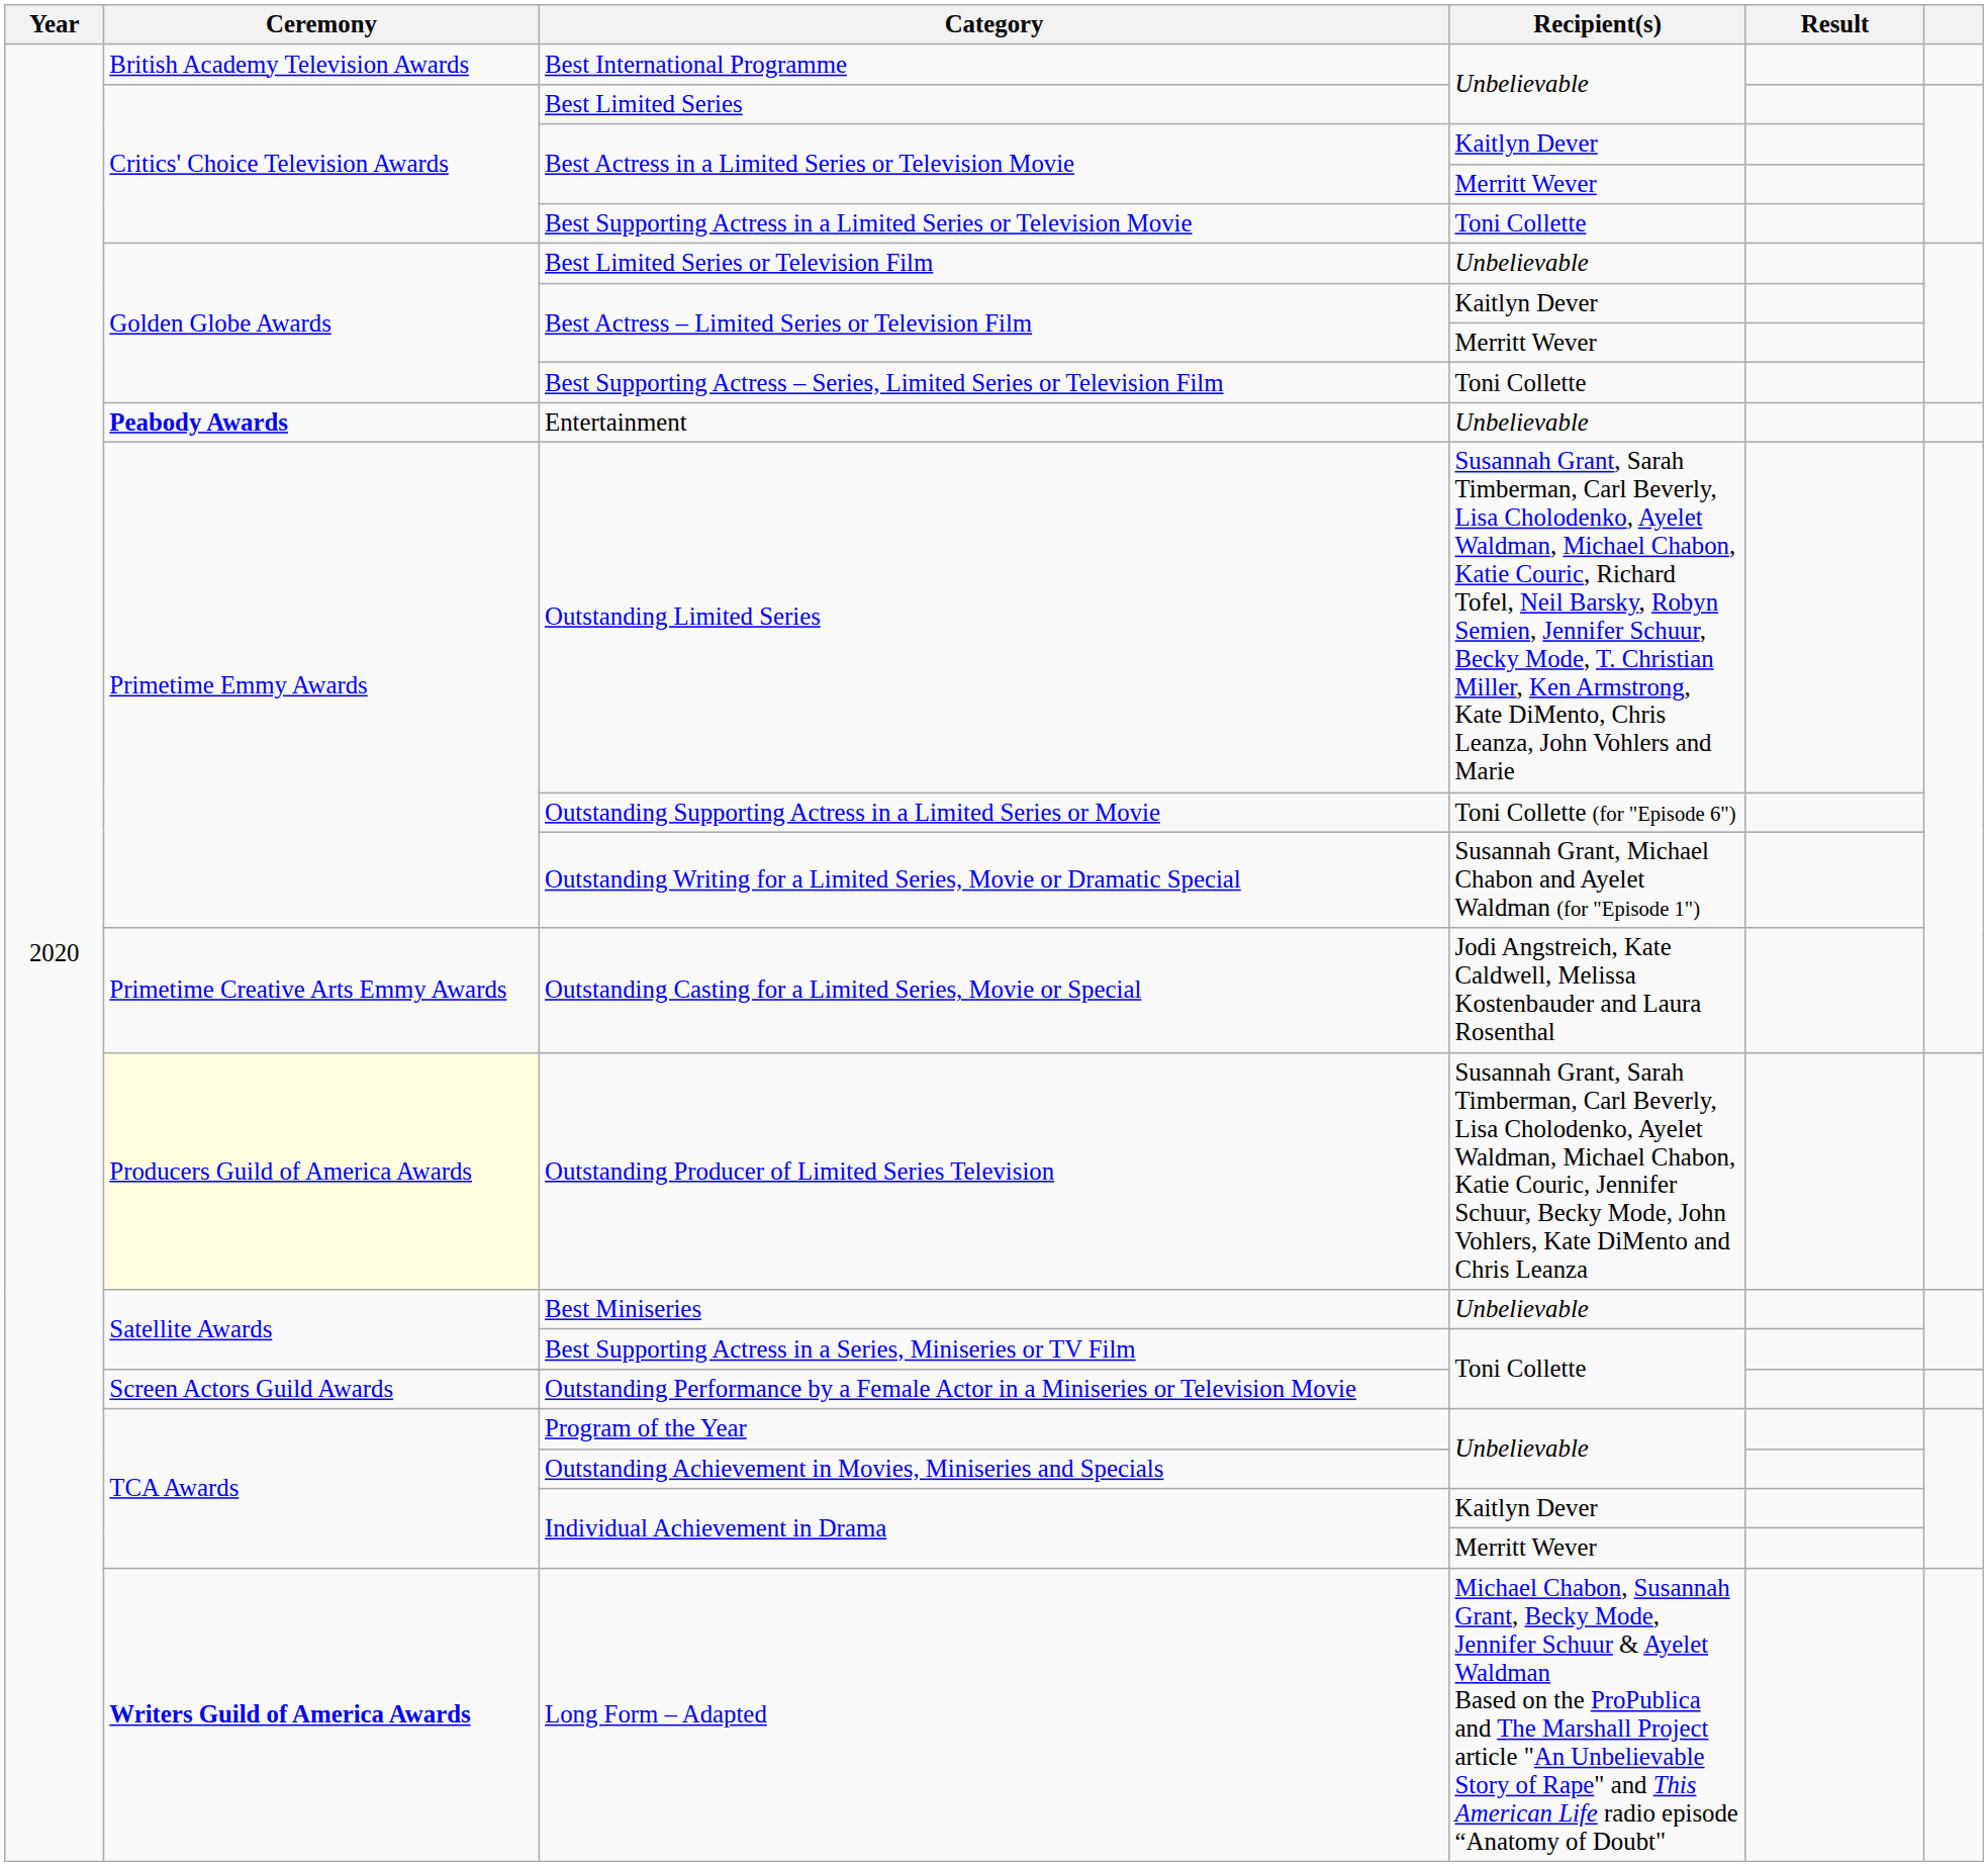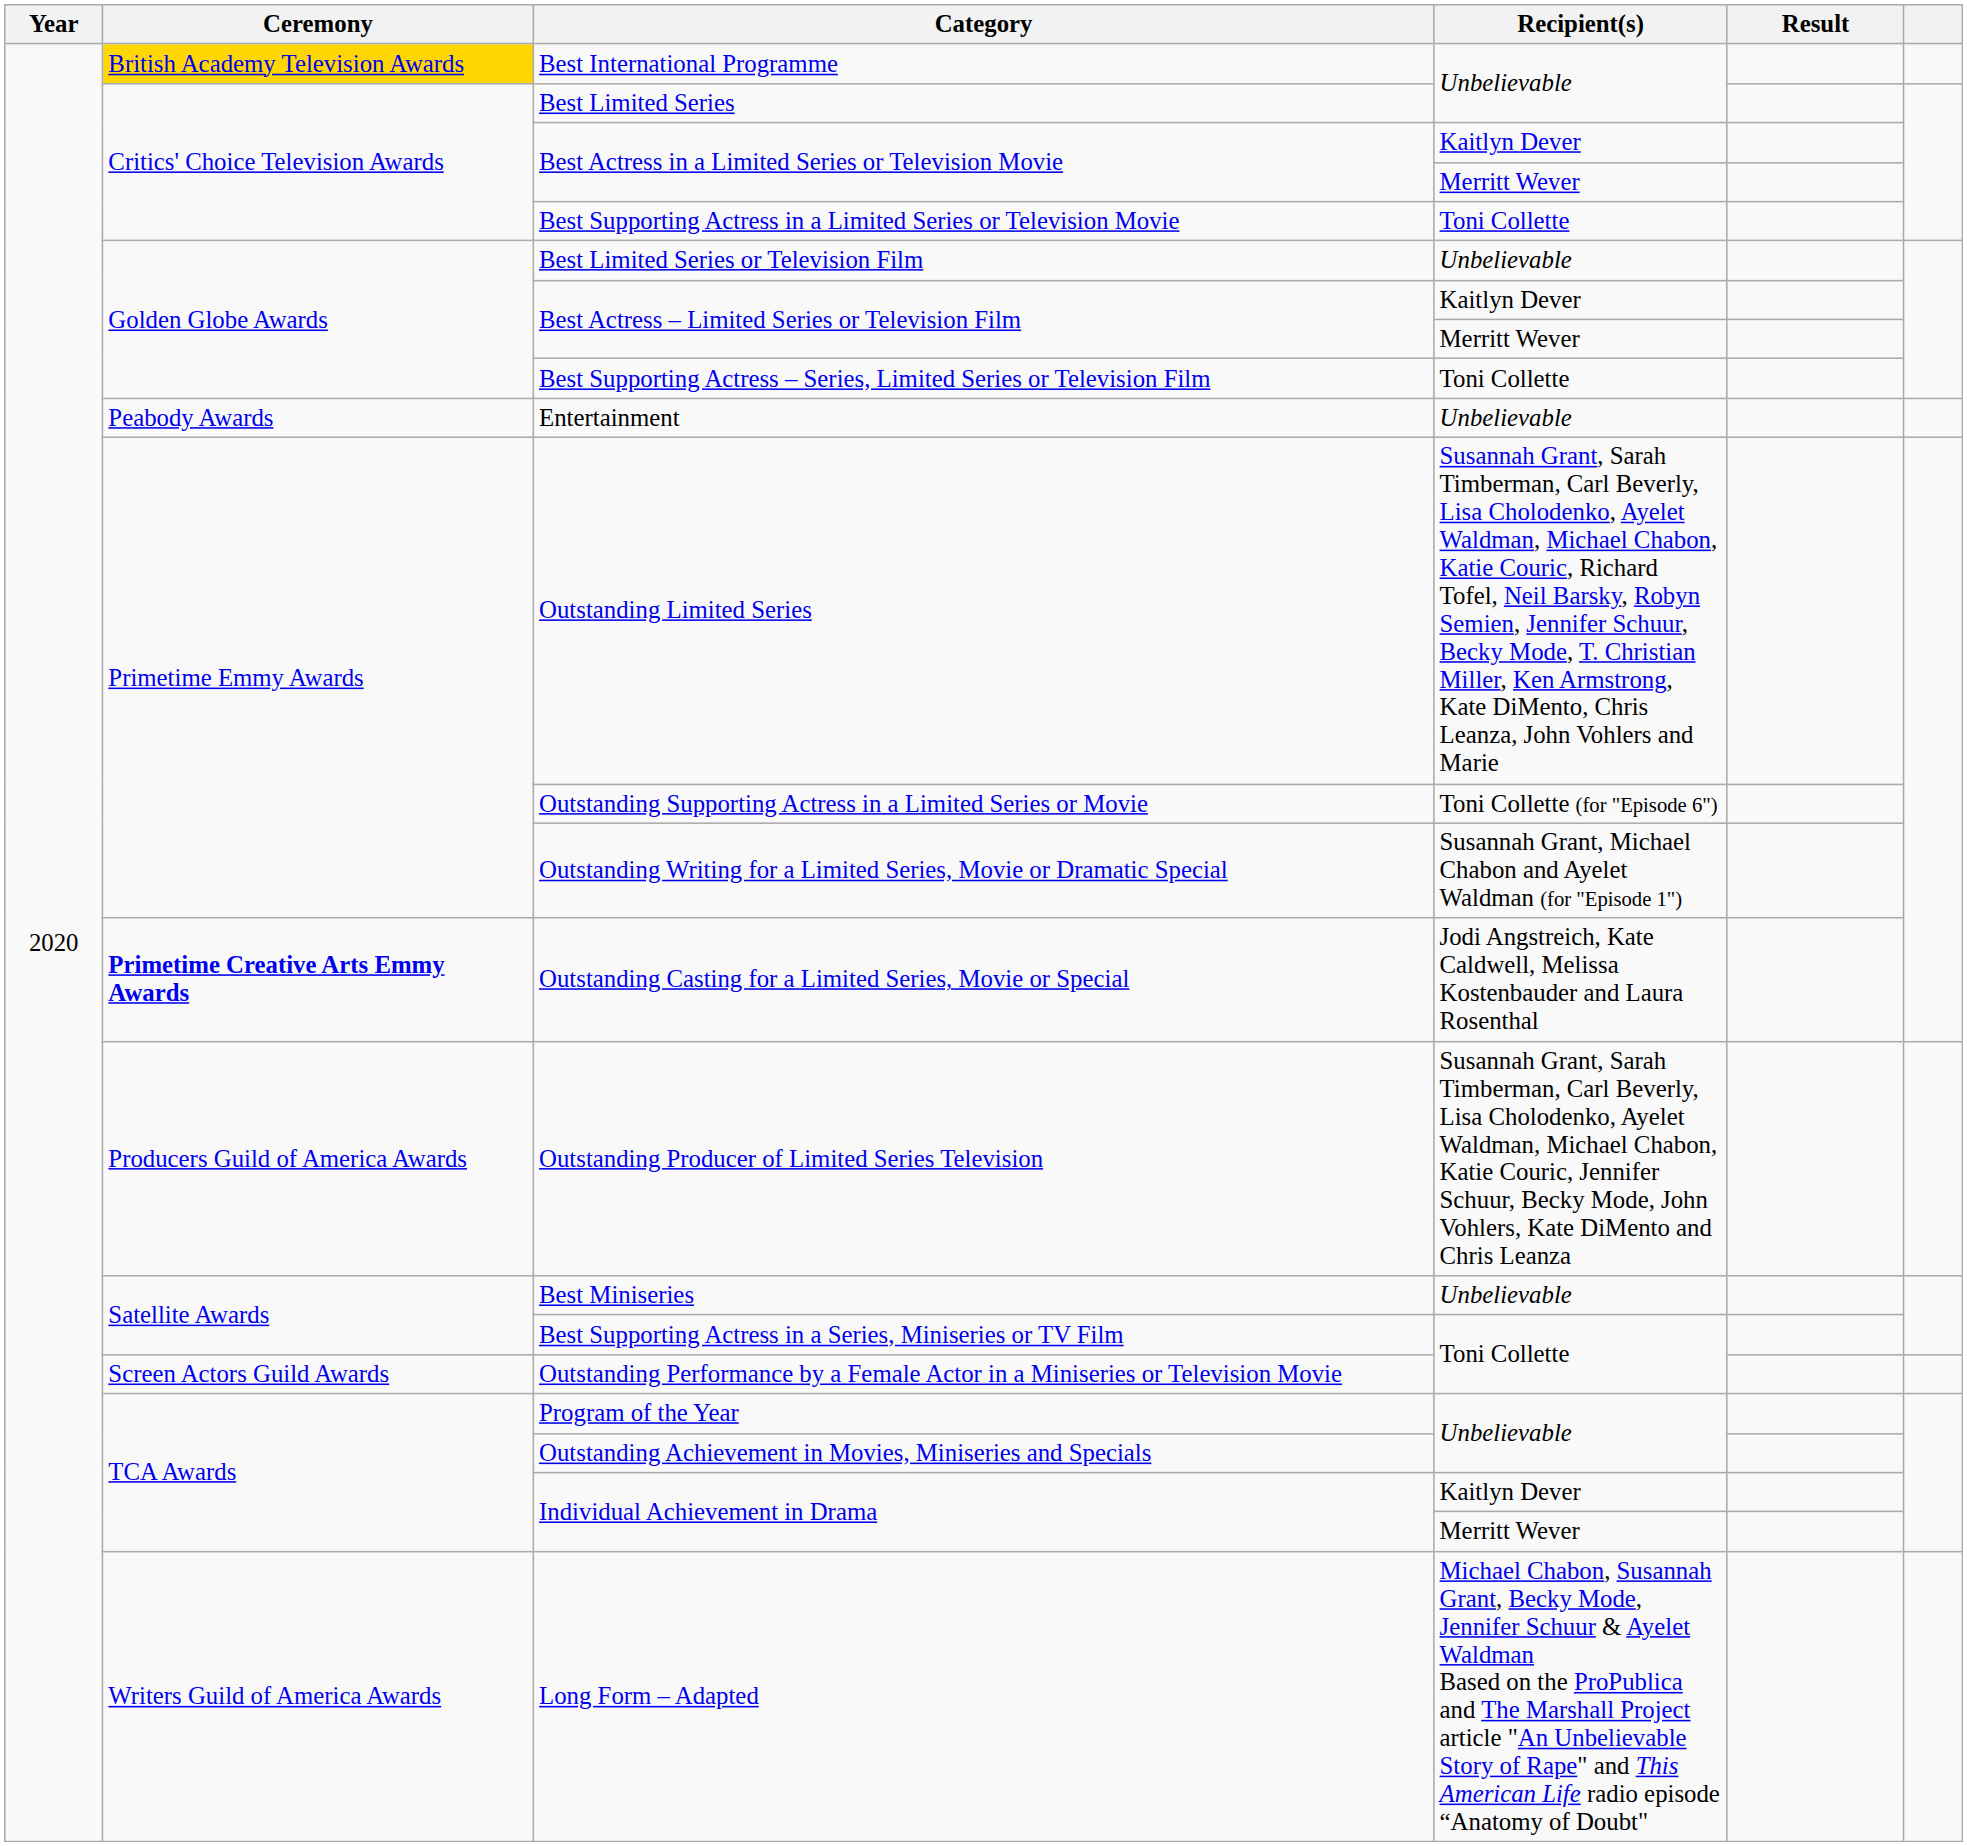 <table class="wikitable sortable plainrowheaders" style="width:100%;">
 <tr>
 <th scope="col" style="width:5%;">Year</th>
 <th scope="col" style="width:22%;">Ceremony</th>
 <th scope="col" style="width:46%;">Category</th>
 <th scope="col" style="width:15%;">Recipient(s)</th>
 <th scope="col" style="width:9%;">Result</th>
 <th scope="col" style="width:3%;" class="unsortable"></th>
 </tr>
 <tr>
 <td rowspan="23" align="center">2020</td>
-<td><a href='#'>British Academy Television Awards</a></td>
+<td style="background: gold;"><a href='#'>British Academy Television Awards</a></td>
 <td><a href='#'>Best International Programme</a></td>
 <td rowspan="2"><em>Unbelievable</em></td>
 <td></td>
 <td align="center"></td>
 </tr>
 <tr>
 <td rowspan="4"><a href='#'>Critics' Choice Television Awards</a></td>
 <td><a href='#'>Best Limited Series</a></td>
 <td></td>
 <td align="center" rowspan="4"></td>
 </tr>
 <tr>
 <td rowspan="2"><a href='#'>Best Actress in a Limited Series or Television Movie</a></td>
 <td><a href='#'>Kaitlyn Dever</a></td>
 <td></td>
 </tr>
 <tr>
 <td><a href='#'>Merritt Wever</a></td>
 <td></td>
 </tr>
 <tr>
 <td><a href='#'>Best Supporting Actress in a Limited Series or Television Movie</a></td>
 <td><a href='#'>Toni Collette</a></td>
 <td></td>
 </tr>
 <tr>
 <td rowspan="4"><a href='#'>Golden Globe Awards</a></td>
 <td><a href='#'>Best Limited Series or Television Film</a></td>
 <td><em>Unbelievable</em></td>
 <td></td>
 <td align="center" rowspan="4"></td>
 </tr>
 <tr>
 <td rowspan="2"><a href='#'>Best Actress – Limited Series or Television Film</a></td>
 <td>Kaitlyn Dever</td>
 <td></td>
 </tr>
 <tr>
 <td>Merritt Wever</td>
 <td></td>
 </tr>
 <tr>
 <td><a href='#'>Best Supporting Actress – Series, Limited Series or Television Film</a></td>
 <td>Toni Collette</td>
 <td></td>
 </tr>
 <tr>
-<td><strong><a href='#'>Peabody Awards</a></strong></td>
+<td><a href='#'>Peabody Awards</a></td>
 <td>Entertainment</td>
 <td><em>Unbelievable</em></td>
 <td></td>
 <td align="center"></td>
 </tr>
 <tr>
 <td rowspan="3"><a href='#'>Primetime Emmy Awards</a></td>
 <td><a href='#'>Outstanding Limited Series</a></td>
 <td><a href='#'>Susannah Grant</a>, Sarah Timberman, Carl Beverly, <a href='#'>Lisa Cholodenko</a>, <a href='#'>Ayelet Waldman</a>, <a href='#'>Michael Chabon</a>, <a href='#'>Katie Couric</a>, Richard Tofel, <a href='#'>Neil Barsky</a>, <a href='#'>Robyn Semien</a>, <a href='#'>Jennifer Schuur</a>, <a href='#'>Becky Mode</a>, <a href='#'>T. Christian Miller</a>, <a href='#'>Ken Armstrong</a>, Kate DiMento, Chris Leanza, John Vohlers and Marie</td>
 <td></td>
 <td align="center" rowspan="4"></td>
 </tr>
 <tr>
 <td><a href='#'>Outstanding Supporting Actress in a Limited Series or Movie</a></td>
 <td>Toni Collette <small>(for "Episode 6")</small></td>
 <td></td>
 </tr>
 <tr>
 <td><a href='#'>Outstanding Writing for a Limited Series, Movie or Dramatic Special</a></td>
 <td>Susannah Grant, Michael Chabon and Ayelet Waldman <small>(for "Episode 1")</small></td>
 <td></td>
 </tr>
 <tr>
-<td><a href='#'>Primetime Creative Arts Emmy Awards</a></td>
+<td><strong><a href='#'>Primetime Creative Arts Emmy Awards</a></strong></td>
 <td><a href='#'>Outstanding Casting for a Limited Series, Movie or Special</a></td>
 <td>Jodi Angstreich, Kate Caldwell, Melissa Kostenbauder and Laura Rosenthal</td>
 <td></td>
 </tr>
 <tr>
-<td style="background: lightyellow;"><a href='#'>Producers Guild of America Awards</a></td>
+<td><a href='#'>Producers Guild of America Awards</a></td>
 <td><a href='#'>Outstanding Producer of Limited Series Television</a></td>
 <td>Susannah Grant, Sarah Timberman, Carl Beverly, Lisa Cholodenko, Ayelet Waldman, Michael Chabon, Katie Couric, Jennifer Schuur, Becky Mode, John Vohlers, Kate DiMento and Chris Leanza</td>
 <td></td>
 <td align="center"></td>
 </tr>
 <tr>
 <td rowspan="2"><a href='#'>Satellite Awards</a></td>
 <td><a href='#'>Best Miniseries</a></td>
 <td><em>Unbelievable</em></td>
 <td></td>
 <td align="center" rowspan="2"></td>
 </tr>
 <tr>
 <td><a href='#'>Best Supporting Actress in a Series, Miniseries or TV Film</a></td>
 <td rowspan="2">Toni Collette</td>
 <td></td>
 </tr>
 <tr>
 <td><a href='#'>Screen Actors Guild Awards</a></td>
 <td><a href='#'>Outstanding Performance by a Female Actor in a Miniseries or Television Movie</a></td>
 <td></td>
 <td align="center"></td>
 </tr>
 <tr>
 <td rowspan="4"><a href='#'>TCA Awards</a></td>
 <td><a href='#'>Program of the Year</a></td>
 <td rowspan="2"><em>Unbelievable</em></td>
 <td></td>
 <td align="center" rowspan="4"></td>
 </tr>
 <tr>
 <td><a href='#'>Outstanding Achievement in Movies, Miniseries and Specials</a></td>
 <td></td>
 </tr>
 <tr>
 <td rowspan="2"><a href='#'>Individual Achievement in Drama</a></td>
 <td>Kaitlyn Dever</td>
 <td></td>
 </tr>
 <tr>
 <td>Merritt Wever</td>
 <td></td>
 </tr>
 <tr>
-<td><strong><a href='#'>Writers Guild of America Awards</a></strong></td>
+<td><a href='#'>Writers Guild of America Awards</a></td>
 <td><a href='#'>Long Form – Adapted</a></td>
 <td><a href='#'>Michael Chabon</a>, <a href='#'>Susannah Grant</a>, <a href='#'>Becky Mode</a>, <a href='#'>Jennifer Schuur</a> & <a href='#'>Ayelet Waldman</a><br>Based on the <a href='#'>ProPublica</a> and <a href='#'>The Marshall Project</a> article "<a href='#'>An Unbelievable Story of Rape</a>" and <em><a href='#'>This American Life</a></em> radio episode “Anatomy of Doubt"</td>
 <td></td>
 <td align="center"></td>
 </tr>
 </table>
